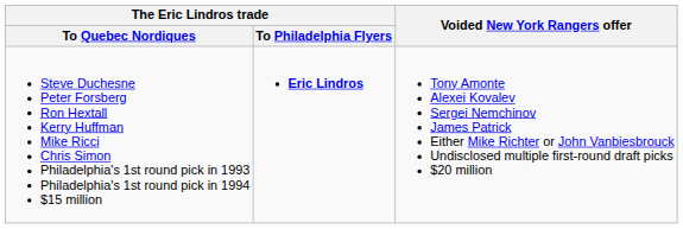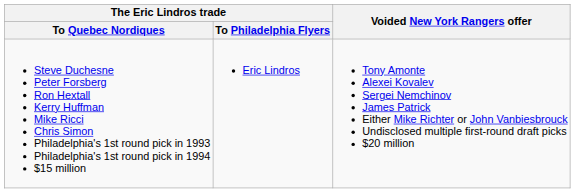 <table class="wikitable">
 <tr>
 <th colspan="2">The Eric Lindros trade</th>
 <th rowspan="2">Voided <a href='#'>New York Rangers</a> offer</th>
 </tr>
 <tr>
 <th>To <a href='#'>Quebec Nordiques</a></th>
 <th>To <a href='#'>Philadelphia Flyers</a></th>
 </tr>
 <tr>
 <td valign="top"><br><ul><li><a href='#'>Steve Duchesne</a></li><li><a href='#'>Peter Forsberg</a></li><li><a href='#'>Ron Hextall</a></li><li><a href='#'>Kerry Huffman</a></li><li><a href='#'>Mike Ricci</a></li><li><a href='#'>Chris Simon</a></li><li>Philadelphia's 1st round pick in 1993</li><li>Philadelphia's 1st round pick in 1994</li><li>$15 million</li></ul></td>
-<td valign="top"><strong><br><ul><li><a href='#'>Eric Lindros</a></li></ul></strong></td>
+<td valign="top"><br><ul><li><a href='#'>Eric Lindros</a></li></ul></td>
 <td valign="top"><br><ul><li><a href='#'>Tony Amonte</a></li><li><a href='#'>Alexei Kovalev</a></li><li><a href='#'>Sergei Nemchinov</a></li><li><a href='#'>James Patrick</a></li><li>Either <a href='#'>Mike Richter</a> or <a href='#'>John Vanbiesbrouck</a></li><li>Undisclosed multiple first-round draft picks</li><li>$20 million</li></ul></td>
 </tr>
 </table>
